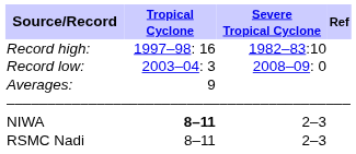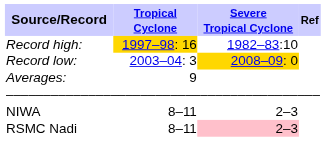 <table class="toccolours" cellspacing="0" style="float:right; margin-left:1em;">
 <tr style="background:#ccccff">
 <th>Source/Record</th>
 <th><small><a href='#'>Tropical<br>Cyclone</a></small></th>
 <th><small><a href='#'>Severe<br>Tropical Cyclone</a></small></th>
 <th align="center"><small>Ref</small></th>
 </tr>
 <tr>
 <td><em>Record high:</em></td>
-<td align="right"><a href='#'>1997–98</a>: 16</td>
+<td align="right" style="background: gold;"><a href='#'>1997–98</a>: 16</td>
 <td align="right"><a href='#'>1982–83</a>:10</td>
 <td align="right"></td>
 </tr>
 <tr>
 <td><em>Record low:</em></td>
 <td align="right"><a href='#'>2003–04</a>: 3</td>
-<td align="right"><a href='#'>2008–09</a>: 0</td>
+<td align="right" style="background: gold;"><a href='#'>2008–09</a>: 0</td>
 <td align="right"></td>
 </tr>
 <tr>
 <td><em>Averages:</em></td>
 <td align="right">9</td>
 <td align="right"></td>
 <td align="right"></td>
 </tr>
 <tr>
 <td colspan="5" align="center">––––––––––––––––––––––––––––––––––––––––––</td>
 </tr>
 <tr>
 <td>NIWA</td>
-<td align="right"><strong>8–11</strong></td>
+<td align="right">8–11</td>
 <td align="right">2–3</td>
 <td align="right"></td>
 </tr>
 <tr>
 <td>RSMC Nadi</td>
 <td align="right">8–11</td>
-<td align="right">2–3</td>
+<td align="right" style="background: pink;">2–3</td>
 <td align="right"></td>
 </tr>
 </table>
